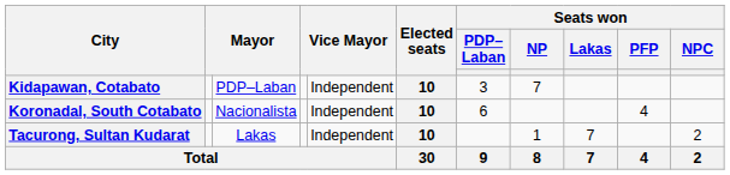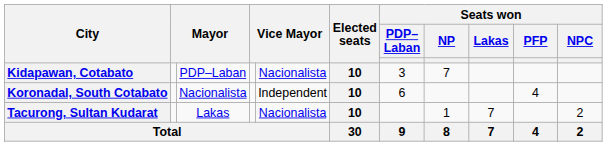 <table class="wikitable" style="text-align:center; font-size: 0.9em;">
 <tr>
 <th rowspan="3">City</th>
 <th colspan="2" rowspan="3" style="width:60px;">Mayor</th>
 <th colspan="2" rowspan="3" style="width:60px;">Vice Mayor</th>
 <th rowspan="3">Elected<br>seats</th>
 <th colspan="5">Seats won</th>
 </tr>
 <tr>
 <th class="unsortable" style="width:45px;"><a href='#'>PDP–Laban</a></th>
 <th class="unsortable" style="width:45px;"><a href='#'>NP</a></th>
 <th class="unsortable" style="width:45px;"><a href='#'>Lakas</a></th>
 <th class="unsortable" style="width:45px;"><a href='#'>PFP</a></th>
 <th class="unsortable" style="width:45px;"><a href='#'>NPC</a></th>
 </tr>
 <tr>
 <th style="color:inherit;background:"></th>
 <th style="color:inherit;background:"></th>
 <th style="color:inherit;background:"></th>
 <th style="color:inherit;background:"></th>
 <th style="color:inherit;background:"></th>
 </tr>
 <tr>
 <th style="text-align: left;"><a href='#'>Kidapawan, Cotabato</a></th>
 <td style="color:inherit;background:"></td>
 <td><a href='#'>PDP–Laban</a></td>
 <td style="color:inherit;background:"></td>
-<td>Independent</td>
+<td><a href='#'>Nacionalista</a></td>
 <th>10</th>
 <td>3</td>
 <td>7</td>
 <td></td>
 <td></td>
 <td></td>
 </tr>
 <tr>
 <th style="text-align: left;"><a href='#'>Koronadal, South Cotabato</a></th>
 <td style="color:inherit;background:"></td>
 <td><a href='#'>Nacionalista</a></td>
 <td style="color:inherit;background:"></td>
 <td>Independent</td>
 <th>10</th>
 <td>6</td>
 <td></td>
 <td></td>
 <td>4</td>
 <td></td>
 </tr>
 <tr>
 <th style="text-align: left;"><a href='#'>Tacurong, Sultan Kudarat</a></th>
 <td style="color:inherit;background:"></td>
 <td><a href='#'>Lakas</a></td>
 <td style="color:inherit;background:"></td>
-<td>Independent</td>
+<td><a href='#'>Nacionalista</a></td>
 <th>10</th>
 <td></td>
 <td>1</td>
 <td>7</td>
 <td></td>
 <td>2</td>
 </tr>
 <tr>
 <th colspan="5">Total</th>
 <th>30</th>
 <th>9</th>
 <th>8</th>
 <th>7</th>
 <th>4</th>
 <th>2</th>
 </tr>
 </table>
